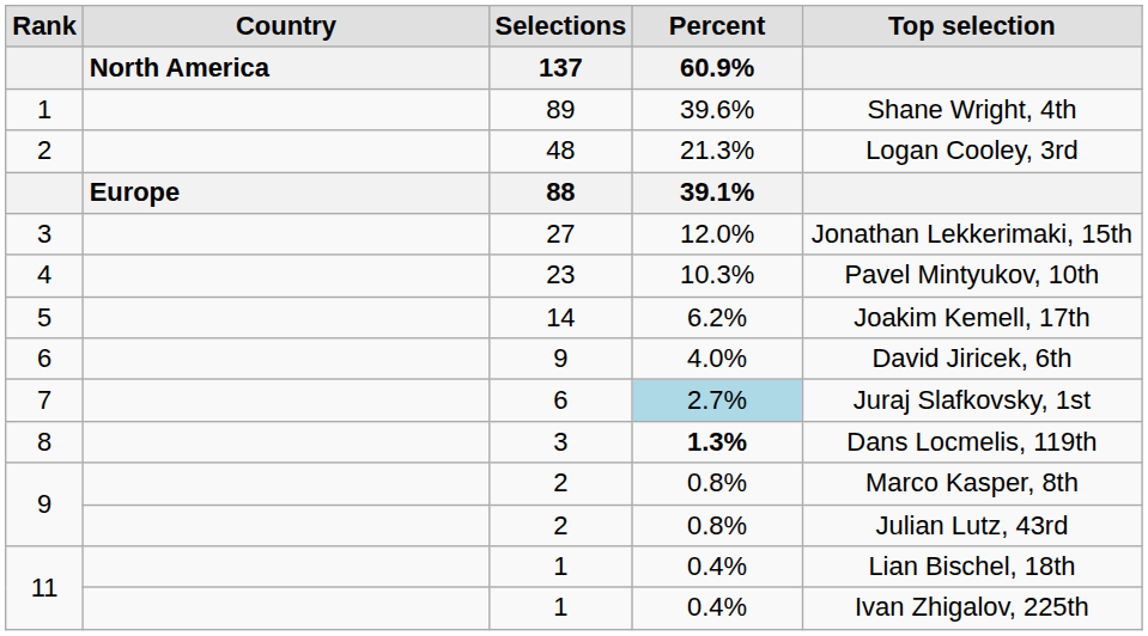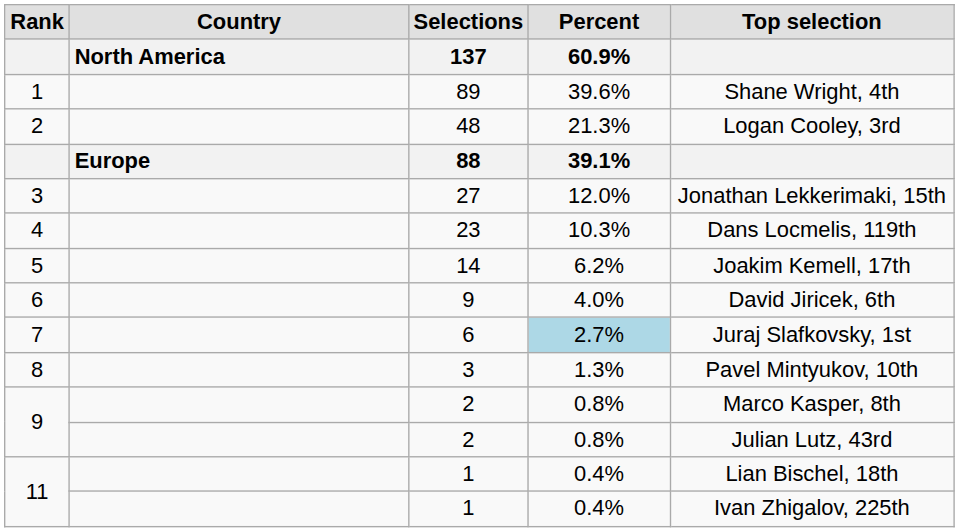 <table class="wikitable" style="text-align: center">
 <tr>
 <th style="background:#e0e0e0; width:2.5em;">Rank</th>
 <th style="background:#e0e0e0; width:15em;">Country</th>
 <th style="background:#e0e0e0; width:4em;">Selections</th>
 <th style="background:#e0e0e0; width:6em;">Percent</th>
 <th style="background:#e0e0e0; width:12.5em;">Top selection</th>
 </tr>
 <tr>
 <th></th>
 <th style="text-align:left;">North America</th>
 <th>137</th>
 <th>60.9%</th>
 <th></th>
 </tr>
 <tr>
 <td>1</td>
 <td style="text-align:left;"></td>
 <td>89</td>
 <td>39.6%</td>
 <td>Shane Wright, 4th</td>
 </tr>
 <tr>
 <td>2</td>
 <td style="text-align:left;"></td>
 <td>48</td>
 <td>21.3%</td>
 <td>Logan Cooley, 3rd</td>
 </tr>
 <tr>
 <th></th>
 <th style="text-align:left;">Europe</th>
 <th>88</th>
 <th>39.1%</th>
 <th></th>
 </tr>
 <tr>
 <td>3</td>
 <td style="text-align:left;"></td>
 <td>27</td>
 <td>12.0%</td>
 <td>Jonathan Lekkerimaki, 15th</td>
 </tr>
 <tr>
 <td>4</td>
 <td style="text-align:left;"></td>
 <td>23</td>
 <td>10.3%</td>
-<td>Pavel Mintyukov, 10th</td>
+<td>Dans Locmelis, 119th</td>
 </tr>
 <tr>
 <td>5</td>
 <td style="text-align:left;"></td>
 <td>14</td>
 <td>6.2%</td>
 <td>Joakim Kemell, 17th</td>
 </tr>
 <tr>
 <td>6</td>
 <td style="text-align:left;"></td>
 <td>9</td>
 <td>4.0%</td>
 <td>David Jiricek, 6th</td>
 </tr>
 <tr>
 <td>7</td>
 <td style="text-align:left;"></td>
 <td>6</td>
 <td style="background: lightblue;">2.7%</td>
 <td>Juraj Slafkovsky, 1st</td>
 </tr>
 <tr>
 <td>8</td>
 <td style="text-align:left;"></td>
 <td>3</td>
-<td><strong>1.3%</strong></td>
-<td>Dans Locmelis, 119th</td>
+<td>1.3%</td>
+<td>Pavel Mintyukov, 10th</td>
 </tr>
 <tr>
 <td rowspan="2">9</td>
 <td style="text-align:left;"></td>
 <td>2</td>
 <td>0.8%</td>
 <td>Marco Kasper, 8th</td>
 </tr>
 <tr>
 <td style="text-align:left;"></td>
 <td>2</td>
 <td>0.8%</td>
 <td>Julian Lutz, 43rd</td>
 </tr>
 <tr>
 <td rowspan="2">11</td>
 <td style="text-align:left;"></td>
 <td>1</td>
 <td>0.4%</td>
 <td>Lian Bischel, 18th</td>
 </tr>
 <tr>
 <td style="text-align:left;"></td>
 <td>1</td>
 <td>0.4%</td>
 <td>Ivan Zhigalov, 225th</td>
 </tr>
 </table>
